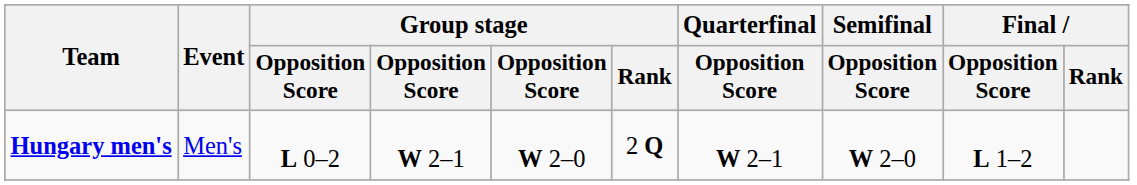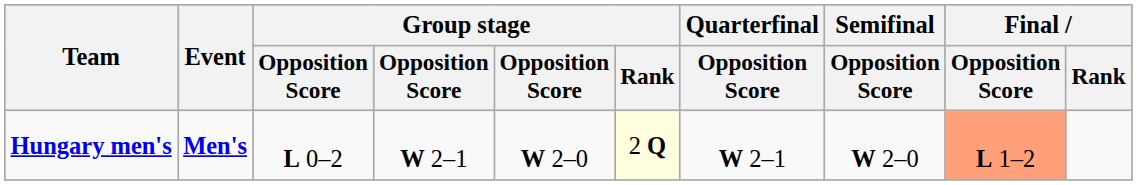 <table class="wikitable" style="font-size:90%">
 <tr>
 <th rowspan=2>Team</th>
 <th rowspan=2>Event</th>
 <th colspan=4>Group stage</th>
 <th>Quarterfinal</th>
 <th>Semifinal</th>
 <th colspan=2>Final / </th>
 </tr>
 <tr style="font-size:95%">
 <th>Opposition<br>Score</th>
 <th>Opposition<br>Score</th>
 <th>Opposition<br>Score</th>
 <th>Rank</th>
 <th>Opposition<br>Score</th>
 <th>Opposition<br>Score</th>
 <th>Opposition<br>Score</th>
 <th>Rank</th>
 </tr>
 <tr align=center>
 <td align=left><strong><a href='#'>Hungary men's</a></strong></td>
-<td align=left><a href='#'>Men's</a></td>
+<td align=left><strong><a href='#'>Men's</a></strong></td>
 <td><br> <strong>L</strong> 0–2</td>
 <td><br> <strong>W</strong> 2–1</td>
 <td><br> <strong>W</strong> 2–0</td>
-<td>2 <strong>Q</strong></td>
+<td style="background: lightyellow;">2 <strong>Q</strong></td>
 <td><br><strong>W</strong> 2–1</td>
 <td><br><strong>W</strong> 2–0</td>
-<td><br> <strong>L</strong> 1–2</td>
+<td style="background: lightsalmon;"><br> <strong>L</strong> 1–2</td>
 <td></td>
 </tr>
 </table>
